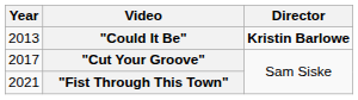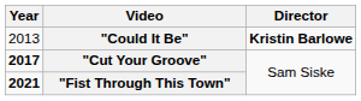 <table class="wikitable plainrowheaders" style="text-align:center;">
 <tr>
 <th>Year</th>
 <th style="width:14em;">Video</th>
 <th>Director</th>
 </tr>
 <tr>
 <td>2013</td>
 <th scope="row">"Could It Be"</th>
 <td><strong>Kristin Barlowe</strong></td>
 </tr>
 <tr>
-<td>2017</td>
+<td><strong>2017</strong></td>
 <th scope="row">"Cut Your Groove"</th>
 <td rowspan=2>Sam Siske</td>
 </tr>
 <tr>
-<td>2021</td>
+<td><strong>2021</strong></td>
 <th scope="row">"Fist Through This Town"</th>
 </tr>
 </table>
